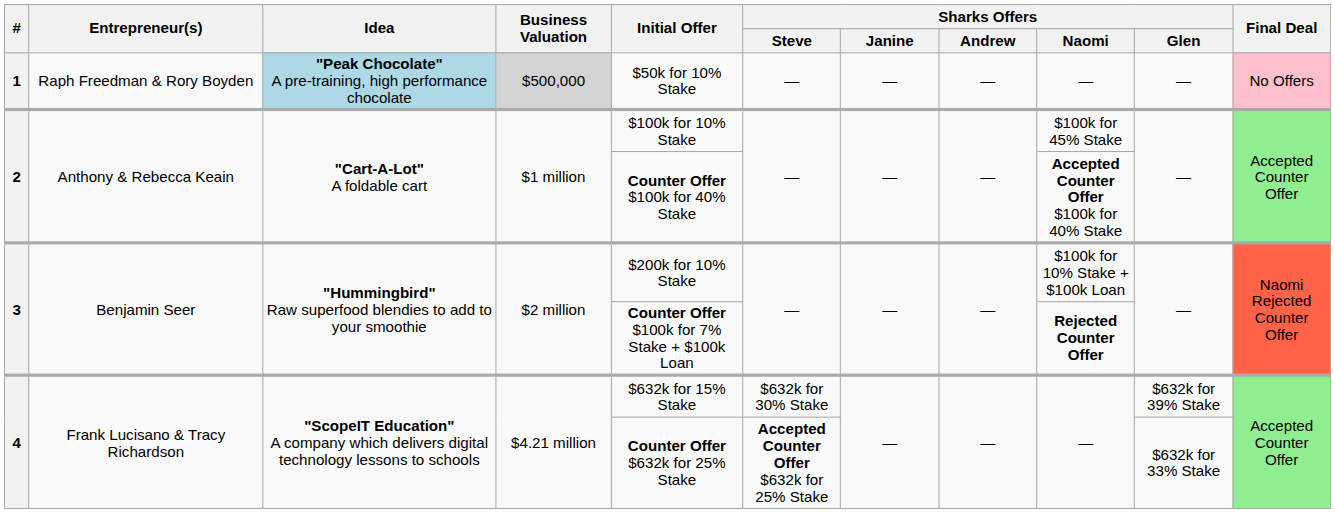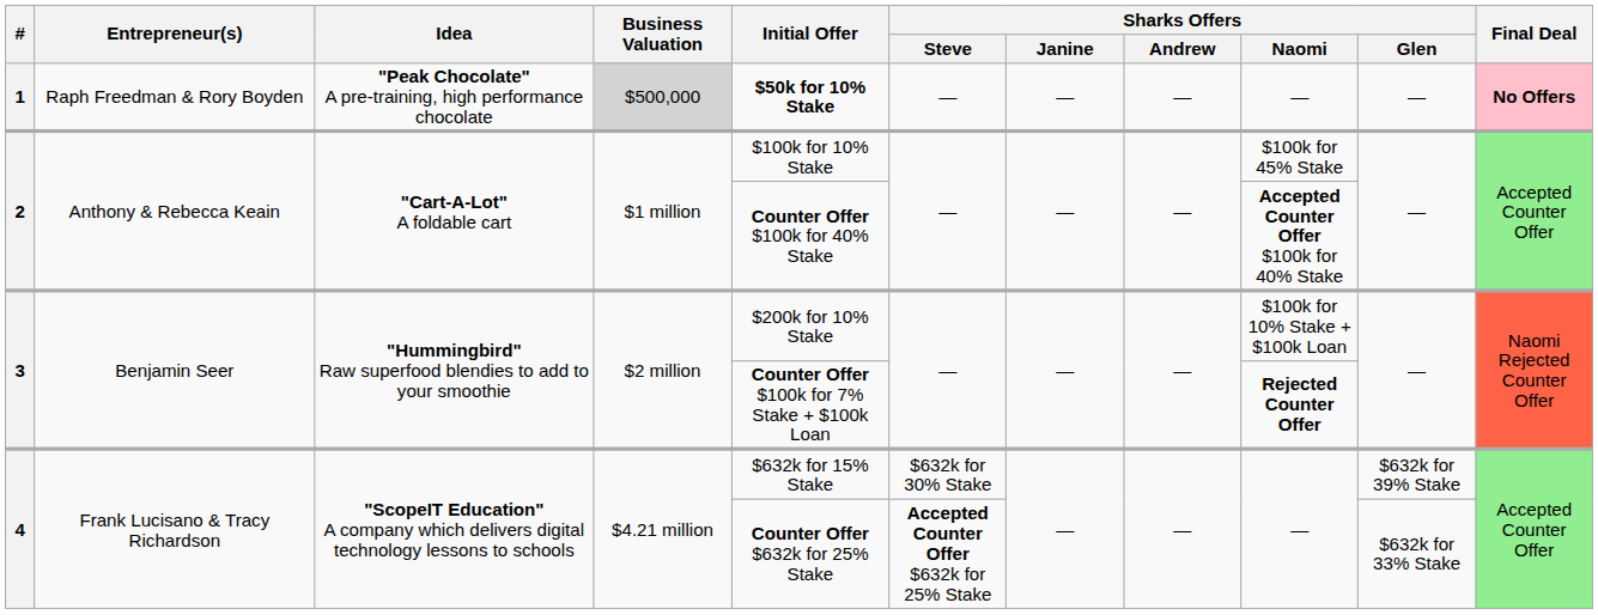 <table class="wikitable plainrowheaders" style="font-size:90%; text-align:center; width: 100%; margin-left: auto; margin-right: auto;">
 <tr>
 <th scope="col" bgcolor="lightgrey" rowspan="2" width="15" align="center">#</th>
 <th scope="col" bgcolor="lightgrey" rowspan="2" width="200" align="center">Entrepreneur(s)</th>
 <th scope="col" bgcolor="lightgrey" rowspan="2" width="200" align="center">Idea</th>
 <th scope="col" bgcolor="lightgrey" rowspan="2" width="95" align="center">Business Valuation</th>
 <th scope="col" bgcolor="lightgrey" rowspan="2" width="110" align="center">Initial Offer</th>
 <th scope="col" bgcolor="lightgrey" colspan="5">Sharks Offers</th>
 <th scope="col" bgcolor="lightgrey" rowspan="2" width="80" align="center">Final Deal</th>
 </tr>
 <tr>
 <th width="80" align="center"><strong>Steve</strong></th>
 <th width="80" align="center"><strong>Janine</strong></th>
 <th width="80" align="center"><strong>Andrew</strong></th>
 <th width="80" align="center"><strong>Naomi</strong></th>
 <th width="80" align="center"><strong>Glen</strong></th>
 </tr>
 <tr>
 <th>1</th>
 <td>Raph Freedman & Rory Boyden</td>
-<td style="background: lightblue;"><strong>"Peak Chocolate"</strong><br> A pre-training, high performance chocolate</td>
+<td><strong>"Peak Chocolate"</strong><br> A pre-training, high performance chocolate</td>
 <td style="background: lightgrey;">$500,000</td>
-<td>$50k for 10% Stake</td>
+<td><strong>$50k for 10% Stake</strong></td>
 <td>—</td>
 <td>—</td>
 <td>—</td>
 <td>—</td>
 <td>—</td>
-<td bgcolor="pink">No Offers</td>
+<td bgcolor="pink"><strong>No Offers</strong></td>
 </tr>
 <tr>
 </tr>
 <tr style="border-top:3px solid #aaa;">
 <th rowspan="2">2</th>
 <td rowspan="2">Anthony & Rebecca Keain</td>
 <td rowspan="2"><strong>"Cart-A-Lot"</strong><br> A foldable cart</td>
 <td rowspan="2">$1 million</td>
 <td>$100k for 10% Stake</td>
 <td rowspan="2">—</td>
 <td rowspan="2">—</td>
 <td rowspan="2">—</td>
 <td>$100k for 45% Stake</td>
 <td rowspan="2">—</td>
 <td rowspan="2" bgcolor="lightgreen">Accepted Counter Offer</td>
 </tr>
 <tr>
 <td><strong>Counter Offer</strong><br> $100k for 40% Stake</td>
 <td><strong>Accepted Counter Offer</strong><br> $100k for 40% Stake</td>
 </tr>
 <tr>
 </tr>
 <tr style="border-top:3px solid #aaa;">
 <th rowspan="2">3</th>
 <td rowspan="2">Benjamin Seer</td>
 <td rowspan="2"><strong>"Hummingbird"</strong><br> Raw superfood blendies to add to your smoothie</td>
 <td rowspan="2">$2 million</td>
 <td>$200k for 10% Stake</td>
 <td rowspan="2">—</td>
 <td rowspan="2">—</td>
 <td rowspan="2">—</td>
 <td>$100k for 10% Stake + $100k Loan</td>
 <td rowspan="2">—</td>
 <td rowspan="2" bgcolor="tomato">Naomi Rejected Counter Offer</td>
 </tr>
 <tr>
 <td><strong>Counter Offer</strong><br> $100k for 7% Stake + $100k Loan</td>
 <td><strong>Rejected Counter Offer</strong></td>
 </tr>
 <tr>
 </tr>
 <tr style="border-top:3px solid #aaa;">
 <th rowspan="2">4</th>
 <td rowspan="2">Frank Lucisano & Tracy Richardson</td>
 <td rowspan="2"><strong>"ScopeIT Education"</strong><br> A company which delivers digital technology lessons to schools</td>
 <td rowspan="2">$4.21 million</td>
 <td>$632k for 15% Stake</td>
 <td>$632k for 30% Stake</td>
 <td rowspan="2">—</td>
 <td rowspan="2">—</td>
 <td rowspan="2">—</td>
 <td>$632k for 39% Stake</td>
 <td rowspan="2" bgcolor="lightgreen">Accepted Counter Offer</td>
 </tr>
 <tr>
 <td><strong>Counter Offer</strong><br> $632k for 25% Stake</td>
 <td><strong>Accepted Counter Offer</strong><br> $632k for 25% Stake</td>
 <td>$632k for 33% Stake</td>
 </tr>
 </table>
